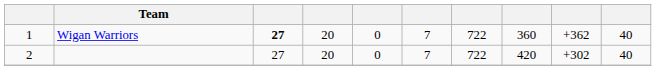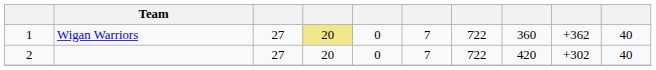 <table class="wikitable" style="text-align:center;">
 <tr>
 <th style="width:5%;"></th>
 <th style="width:20%;">Team</th>
 <th style="width:5%;"></th>
 <th style="width:5%;"></th>
 <th style="width:5%;"></th>
 <th style="width:5%;"></th>
 <th style="width:5%;"></th>
 <th style="width:5%;"></th>
 <th style="width:5%;"></th>
 <th style="width:5%;"></th>
 </tr>
 <tr>
 <td>1</td>
 <td style="text-align: left;"> <a href='#'>Wigan Warriors</a></td>
-<td><strong>27</strong></td>
-<td>20</td>
+<td>27</td>
+<td style="background: khaki;">20</td>
 <td>0</td>
 <td>7</td>
 <td>722</td>
 <td>360</td>
 <td>+362</td>
 <td>40</td>
 </tr>
 <tr>
 <td>2</td>
 <td style="text-align: left;"></td>
 <td>27</td>
 <td>20</td>
 <td>0</td>
 <td>7</td>
 <td>722</td>
 <td>420</td>
 <td>+302</td>
 <td>40</td>
 </tr>
 <tr>
 </tr>
 </table>
